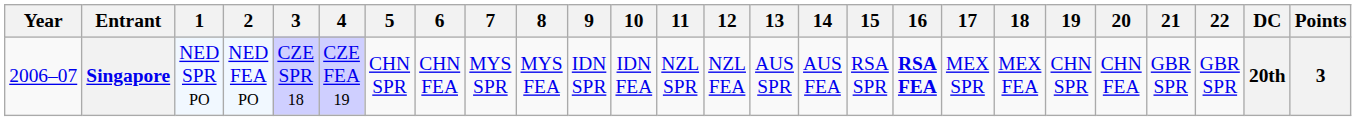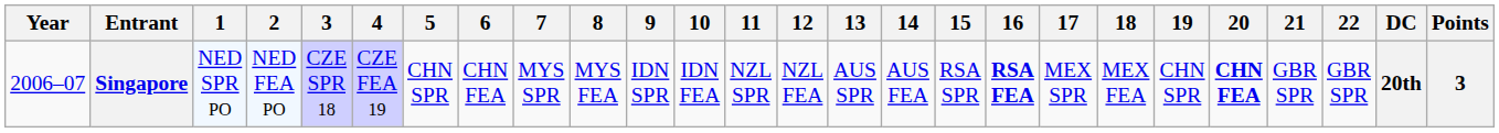 <table class="wikitable" style="text-align:center; font-size:90%">
 <tr>
 <th>Year</th>
 <th>Entrant</th>
 <th>1</th>
 <th>2</th>
 <th>3</th>
 <th>4</th>
 <th>5</th>
 <th>6</th>
 <th>7</th>
 <th>8</th>
 <th>9</th>
 <th>10</th>
 <th>11</th>
 <th>12</th>
 <th>13</th>
 <th>14</th>
 <th>15</th>
 <th>16</th>
 <th>17</th>
 <th>18</th>
 <th>19</th>
 <th>20</th>
 <th>21</th>
 <th>22</th>
 <th>DC</th>
 <th>Points</th>
 </tr>
 <tr>
 <td><a href='#'>2006–07</a></td>
 <th rowspan=3><a href='#'>Singapore</a></th>
 <td style="background:#F1F8FF;"><a href='#'>NED<br>SPR</a><br><small>PO</small></td>
 <td style="background:#F1F8FF;"><a href='#'>NED<br>FEA</a><br><small>PO</small></td>
 <td style="background:#CFCFFF;"><a href='#'>CZE<br>SPR</a><br><small>18</small></td>
 <td style="background:#CFCFFF;"><a href='#'>CZE<br>FEA</a><br><small>19</small></td>
 <td><a href='#'>CHN<br>SPR</a><br><small></small></td>
 <td><a href='#'>CHN<br>FEA</a><br><small></small></td>
 <td><a href='#'>MYS<br>SPR</a><br><small></small></td>
 <td><a href='#'>MYS<br>FEA</a><br><small></small></td>
 <td><a href='#'>IDN<br>SPR</a><br><small></small></td>
 <td><a href='#'>IDN<br>FEA</a><br><small></small></td>
 <td><a href='#'>NZL<br>SPR</a><br><small></small></td>
 <td><a href='#'>NZL<br>FEA</a><br><small></small></td>
 <td><a href='#'>AUS<br>SPR</a><br><small></small></td>
 <td><a href='#'>AUS<br>FEA</a><br><small></small></td>
 <td><a href='#'>RSA<br>SPR</a><br><small></small></td>
 <td><strong><a href='#'>RSA<br>FEA</a><br><small></small></strong></td>
 <td><a href='#'>MEX<br>SPR</a><br><small></small></td>
 <td><a href='#'>MEX<br>FEA</a><br><small></small></td>
 <td><a href='#'>CHN<br>SPR</a><br><small></small></td>
-<td><a href='#'>CHN<br>FEA</a><br><small></small></td>
+<td><strong><a href='#'>CHN<br>FEA</a><br><small></small></strong></td>
 <td><a href='#'>GBR<br>SPR</a><br><small></small></td>
 <td><a href='#'>GBR<br>SPR</a><br><small></small></td>
 <th>20th</th>
 <th>3</th>
 </tr>
 </table>
